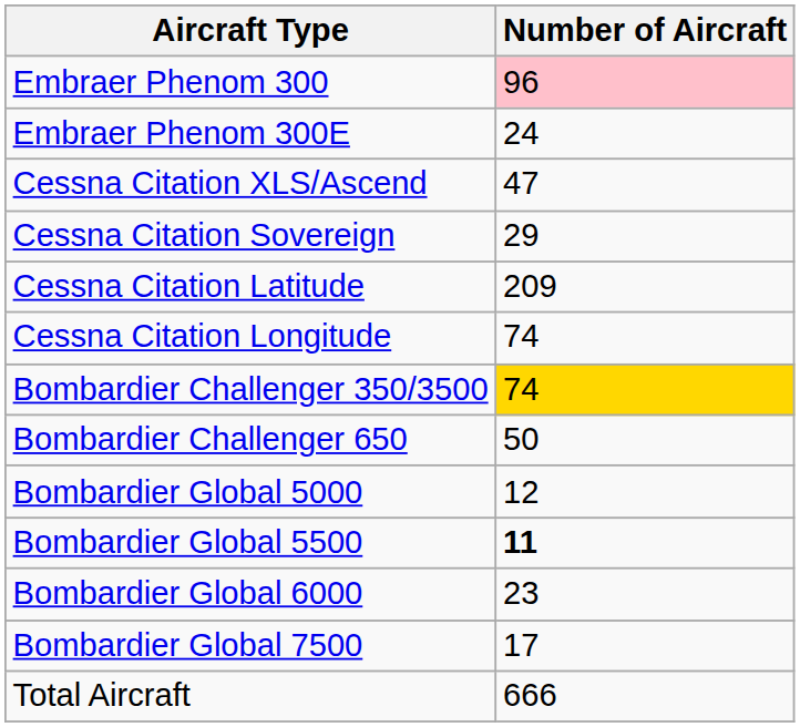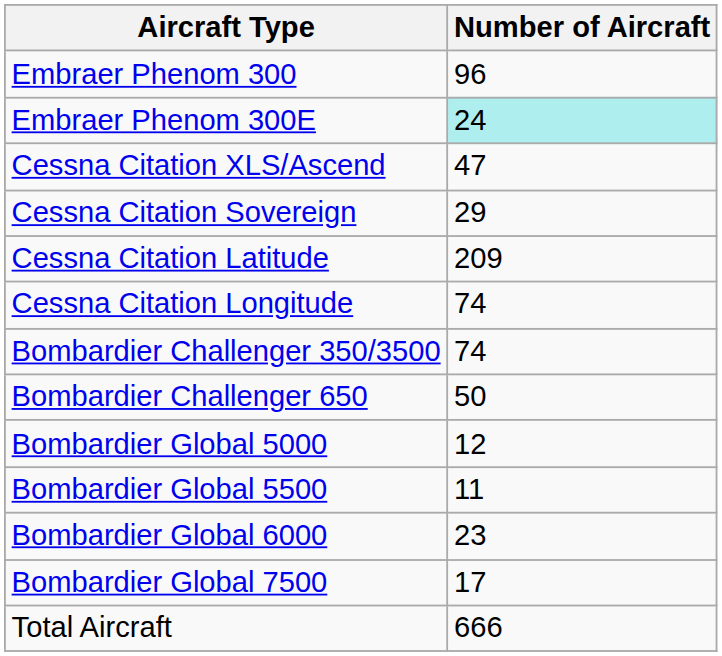 <table class="wikitable">
 <tr>
 <th>Aircraft Type</th>
 <th>Number of Aircraft</th>
 </tr>
 <tr>
 <td><a href='#'>Embraer Phenom 300</a></td>
-<td style="background: pink;">96</td>
+<td>96</td>
 </tr>
 <tr>
 <td><a href='#'>Embraer Phenom 300E</a></td>
-<td>24</td>
+<td style="background: paleturquoise;">24</td>
 </tr>
 <tr>
 <td><a href='#'>Cessna Citation XLS/Ascend</a></td>
 <td>47</td>
 </tr>
 <tr>
 <td><a href='#'>Cessna Citation Sovereign</a></td>
 <td>29</td>
 </tr>
 <tr>
 <td><a href='#'>Cessna Citation Latitude</a></td>
 <td>209</td>
 </tr>
 <tr>
 <td><a href='#'>Cessna Citation Longitude</a></td>
 <td>74</td>
 </tr>
 <tr>
 <td><a href='#'>Bombardier Challenger 350/3500</a></td>
-<td style="background: gold;">74</td>
+<td>74</td>
 </tr>
 <tr>
 <td><a href='#'>Bombardier Challenger 650</a></td>
 <td>50</td>
 </tr>
 <tr>
 <td><a href='#'>Bombardier Global 5000</a></td>
 <td>12</td>
 </tr>
 <tr>
 <td><a href='#'>Bombardier Global 5500</a></td>
-<td><strong>11</strong></td>
+<td>11</td>
 </tr>
 <tr>
 <td><a href='#'>Bombardier Global 6000</a></td>
 <td>23</td>
 </tr>
 <tr>
 <td><a href='#'>Bombardier Global 7500</a></td>
 <td>17</td>
 </tr>
 <tr>
 <td>Total Aircraft</td>
 <td>666</td>
 </tr>
 </table>
